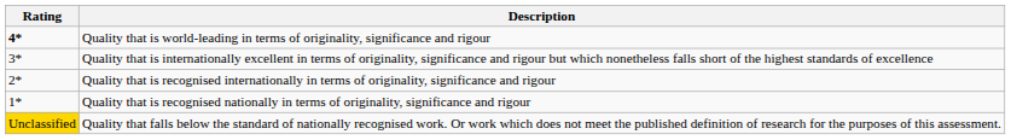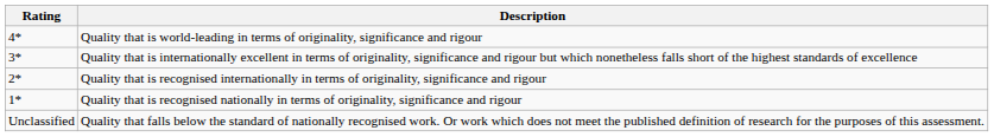 <table class="wikitable">
 <tr>
 <th>Rating</th>
 <th>Description</th>
 </tr>
 <tr>
-<td><strong>4*</strong></td>
+<td>4*</td>
 <td>Quality that is world-leading in terms of originality, significance and rigour</td>
 </tr>
 <tr>
 <td>3*</td>
 <td>Quality that is internationally excellent in terms of originality, significance and rigour but which nonetheless falls short of the highest standards of excellence</td>
 </tr>
 <tr>
 <td>2*</td>
 <td>Quality that is recognised internationally in terms of originality, significance and rigour</td>
 </tr>
 <tr>
 <td>1*</td>
 <td>Quality that is recognised nationally in terms of originality, significance and rigour</td>
 </tr>
 <tr>
-<td style="background: gold;">Unclassified</td>
+<td>Unclassified</td>
 <td>Quality that falls below the standard of nationally recognised work. Or work which does not meet the published definition of research for the purposes of this assessment.</td>
 </tr>
 </table>
